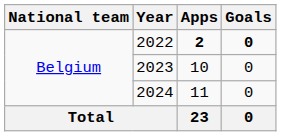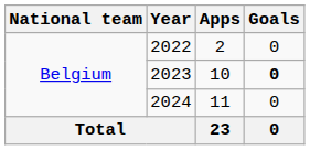 <table class=wikitable style=text-align:center>
 <tr>
 <th>National team</th>
 <th>Year</th>
 <th>Apps</th>
 <th>Goals</th>
 </tr>
 <tr>
 <td rowspan="3"><a href='#'>Belgium</a></td>
 <td>2022</td>
-<td><strong>2</strong></td>
-<td><strong>0</strong></td>
+<td>2</td>
+<td>0</td>
 </tr>
 <tr>
 <td>2023</td>
 <td>10</td>
-<td>0</td>
+<td><strong>0</strong></td>
 </tr>
 <tr>
 <td>2024</td>
 <td>11</td>
 <td>0</td>
 </tr>
 <tr>
 <th colspan="2">Total</th>
 <th>23</th>
 <th>0</th>
 </tr>
 </table>
